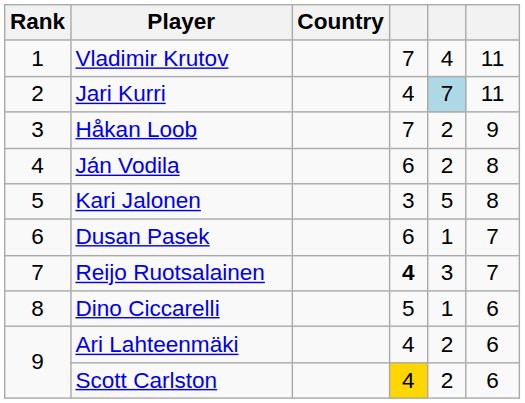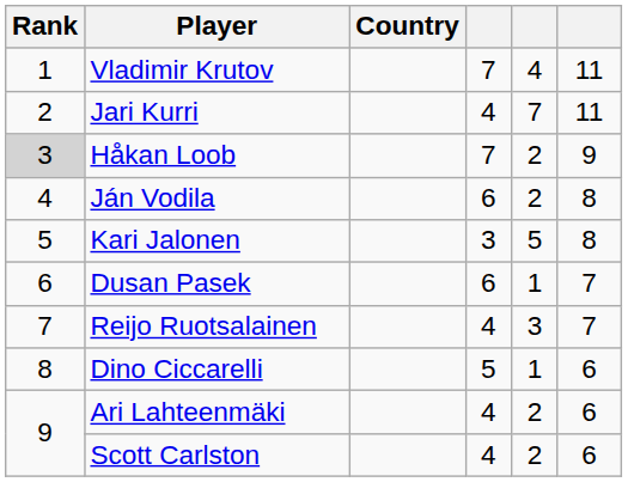 <table class="wikitable sortable" style="text-align: center;">
 <tr>
 <th width=30>Rank</th>
 <th width=150>Player</th>
 <th>Country</th>
 <th width=20></th>
 <th width=20></th>
 <th width=30></th>
 </tr>
 <tr>
 <td>1</td>
 <td align=left><a href='#'>Vladimir Krutov</a></td>
 <td align=left></td>
 <td>7</td>
 <td>4</td>
 <td>11</td>
 </tr>
 <tr>
 <td>2</td>
 <td align=left><a href='#'>Jari Kurri</a></td>
 <td align=left></td>
 <td>4</td>
-<td style="background: lightblue;">7</td>
+<td>7</td>
 <td>11</td>
 </tr>
 <tr>
-<td>3</td>
+<td style="background: lightgrey;">3</td>
 <td align=left><a href='#'>Håkan Loob</a></td>
 <td align=left></td>
 <td>7</td>
 <td>2</td>
 <td>9</td>
 </tr>
 <tr>
 <td>4</td>
 <td align=left><a href='#'>Ján Vodila</a></td>
 <td align=left></td>
 <td>6</td>
 <td>2</td>
 <td>8</td>
 </tr>
 <tr>
 <td>5</td>
 <td align=left><a href='#'>Kari Jalonen</a></td>
 <td align=left></td>
 <td>3</td>
 <td>5</td>
 <td>8</td>
 </tr>
 <tr>
 <td>6</td>
 <td align=left><a href='#'>Dusan Pasek</a></td>
 <td align=left></td>
 <td>6</td>
 <td>1</td>
 <td>7</td>
 </tr>
 <tr>
 <td>7</td>
 <td align=left><a href='#'>Reijo Ruotsalainen</a></td>
 <td align=left></td>
-<td><strong>4</strong></td>
+<td>4</td>
 <td>3</td>
 <td>7</td>
 </tr>
 <tr>
 <td>8</td>
 <td align=left><a href='#'>Dino Ciccarelli</a></td>
 <td align=left></td>
 <td>5</td>
 <td>1</td>
 <td>6</td>
 </tr>
 <tr>
 <td rowspan=2>9</td>
 <td align=left><a href='#'>Ari Lahteenmäki</a></td>
 <td align=left></td>
 <td>4</td>
 <td>2</td>
 <td>6</td>
 </tr>
 <tr>
 <td align=left><a href='#'>Scott Carlston</a></td>
 <td align=left></td>
-<td style="background: gold;">4</td>
+<td>4</td>
 <td>2</td>
 <td>6</td>
 </tr>
 </table>
